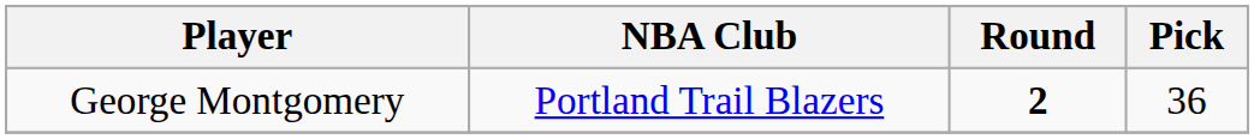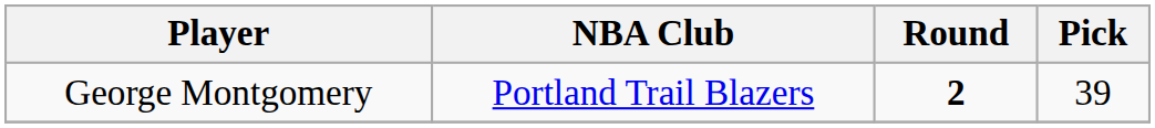 <table class="wikitable" width="500">
 <tr>
 <th>Player</th>
 <th>NBA Club</th>
 <th>Round</th>
 <th>Pick</th>
 </tr>
 <tr align="center" bgcolor="">
 <td>George Montgomery</td>
 <td><a href='#'>Portland Trail Blazers</a></td>
 <td><strong>2</strong></td>
-<td>36</td>
+<td>39</td>
 </tr>
 <tr align="center" bgcolor="">
 </tr>
 </table>
